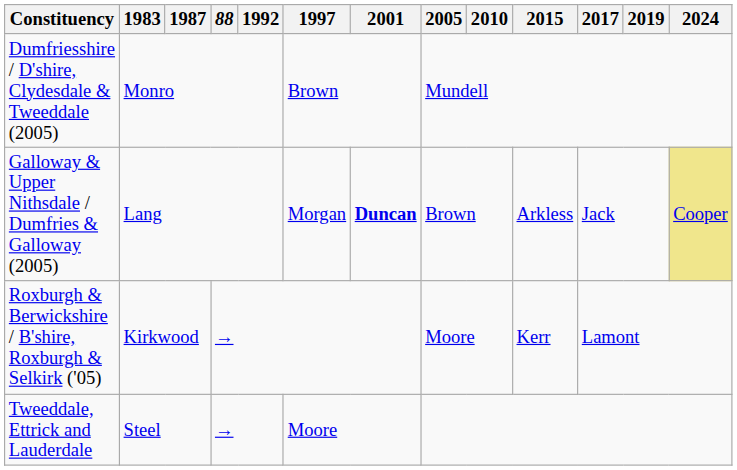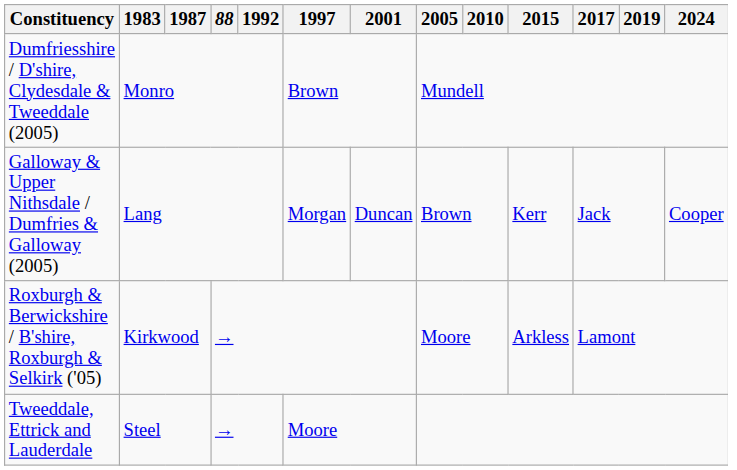 <table class="wikitable">
 <tr>
 <th>Constituency</th>
 <th>1983</th>
 <th>1987</th>
 <th><em>88</em></th>
 <th>1992</th>
 <th>1997</th>
 <th>2001</th>
 <th>2005</th>
 <th>2010</th>
 <th>2015</th>
 <th>2017</th>
 <th>2019</th>
 <th>2024</th>
 </tr>
 <tr>
 <td><a href='#'>Dumfriesshire</a> / <a href='#'>D'shire, Clydesdale & Tweeddale</a> (2005)</td>
 <td colspan="4"><a href='#'>Monro</a></td>
 <td colspan="2"><a href='#'>Brown</a></td>
 <td colspan="6"><a href='#'>Mundell</a></td>
 </tr>
 <tr>
 <td><a href='#'>Galloway & Upper Nithsdale</a> / <a href='#'>Dumfries & Galloway</a> (2005)</td>
 <td colspan="4"><a href='#'>Lang</a></td>
 <td><a href='#'>Morgan</a></td>
-<td><strong><a href='#'>Duncan</a></strong></td>
+<td><a href='#'>Duncan</a></td>
 <td colspan="2"><a href='#'>Brown</a></td>
-<td><a href='#'>Arkless</a></td>
+<td><a href='#'>Kerr</a></td>
 <td colspan="2"><a href='#'>Jack</a></td>
-<td style="background: khaki;"><a href='#'>Cooper</a></td>
+<td><a href='#'>Cooper</a></td>
 </tr>
 <tr>
 <td><a href='#'>Roxburgh & Berwickshire</a> / <a href='#'>B'shire, Roxburgh & Selkirk</a> ('05)</td>
 <td colspan="2"><a href='#'>Kirkwood</a></td>
 <td colspan="4"><a href='#'>→</a></td>
 <td colspan="2"><a href='#'>Moore</a></td>
-<td><a href='#'>Kerr</a></td>
+<td><a href='#'>Arkless</a></td>
 <td colspan="3"><a href='#'>Lamont</a></td>
 </tr>
 <tr>
 <td><a href='#'>Tweeddale, Ettrick and Lauderdale</a></td>
 <td colspan="2"><a href='#'>Steel</a></td>
 <td colspan="2"><a href='#'>→</a></td>
 <td colspan="2"><a href='#'>Moore</a></td>
 <td colspan="6"></td>
 </tr>
 </table>
